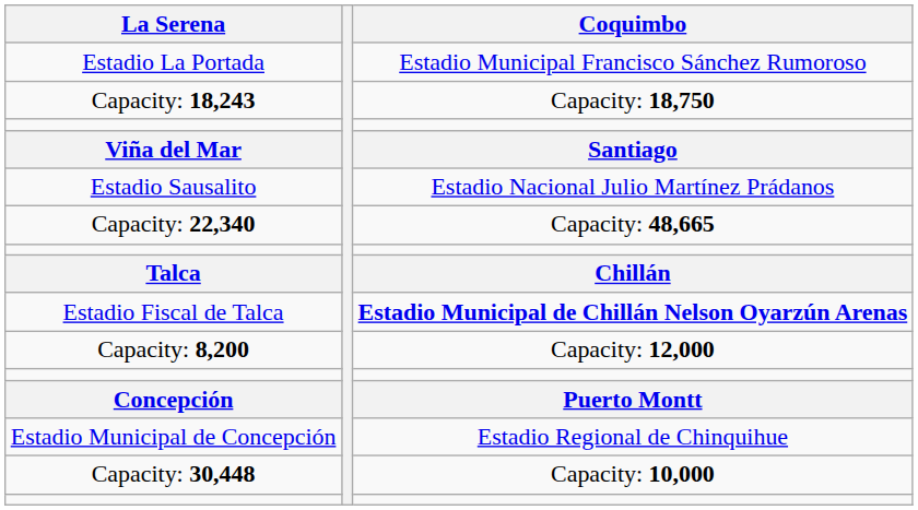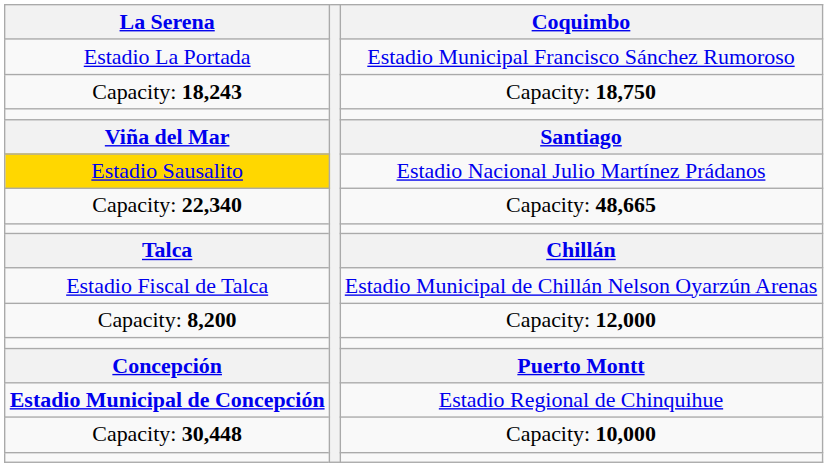 <table class="wikitable" style="text-align:center">
 <tr>
 <th><a href='#'>La Serena</a></th>
 <th rowspan="16" style=""></th>
 <th><a href='#'>Coquimbo</a></th>
 </tr>
 <tr>
 <td><a href='#'>Estadio La Portada</a></td>
 <td><a href='#'>Estadio Municipal Francisco Sánchez Rumoroso</a></td>
 </tr>
 <tr>
 <td>Capacity: <strong>18,243</strong></td>
 <td>Capacity: <strong>18,750</strong></td>
 </tr>
 <tr>
 <td></td>
 <td></td>
 </tr>
 <tr>
 <th><a href='#'>Viña del Mar</a></th>
 <th><a href='#'>Santiago</a></th>
 </tr>
 <tr>
-<td><a href='#'>Estadio Sausalito</a></td>
+<td style="background: gold;"><a href='#'>Estadio Sausalito</a></td>
 <td><a href='#'>Estadio Nacional Julio Martínez Prádanos</a></td>
 </tr>
 <tr>
 <td>Capacity: <strong>22,340</strong></td>
 <td>Capacity: <strong>48,665</strong></td>
 </tr>
 <tr>
 <td></td>
 <td></td>
 </tr>
 <tr>
 <th><a href='#'>Talca</a></th>
 <th><a href='#'>Chillán</a></th>
 </tr>
 <tr>
 <td><a href='#'>Estadio Fiscal de Talca</a></td>
-<td><strong><a href='#'>Estadio Municipal de Chillán Nelson Oyarzún Arenas</a></strong></td>
+<td><a href='#'>Estadio Municipal de Chillán Nelson Oyarzún Arenas</a></td>
 </tr>
 <tr>
 <td>Capacity: <strong>8,200</strong></td>
 <td>Capacity: <strong>12,000</strong></td>
 </tr>
 <tr>
 <td></td>
 <td></td>
 </tr>
 <tr>
 <th><a href='#'>Concepción</a></th>
 <th><a href='#'>Puerto Montt</a></th>
 </tr>
 <tr>
-<td><a href='#'>Estadio Municipal de Concepción</a></td>
+<td><strong><a href='#'>Estadio Municipal de Concepción</a></strong></td>
 <td><a href='#'>Estadio Regional de Chinquihue</a></td>
 </tr>
 <tr>
 <td>Capacity: <strong>30,448</strong></td>
 <td>Capacity: <strong>10,000</strong></td>
 </tr>
 <tr>
 <td></td>
 <td></td>
 </tr>
 </table>
